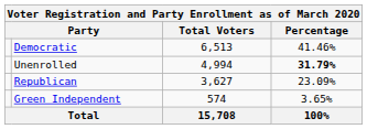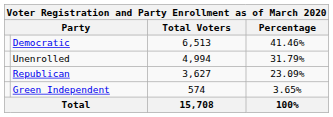 <table class=wikitable>
 <tr>
 <th colspan = 6>Voter Registration and Party Enrollment as of March 2020</th>
 </tr>
 <tr>
 <th colspan = 2>Party</th>
 <th>Total Voters</th>
 <th>Percentage</th>
 </tr>
 <tr>
 <td></td>
 <td><a href='#'>Democratic</a></td>
 <td style="text-align:center;">6,513</td>
 <td style="text-align:center;">41.46%</td>
 </tr>
 <tr>
 <td></td>
 <td>Unenrolled</td>
 <td style="text-align:center;">4,994</td>
-<td style="text-align:center;"><strong>31.79%</strong></td>
+<td style="text-align:center;">31.79%</td>
 </tr>
 <tr>
 <td></td>
 <td><a href='#'>Republican</a></td>
 <td style="text-align:center;">3,627</td>
 <td style="text-align:center;">23.09%</td>
 </tr>
 <tr>
 <td></td>
 <td><a href='#'>Green Independent</a></td>
 <td style="text-align:center;">574</td>
 <td style="text-align:center;">3.65%</td>
 </tr>
 <tr>
 <th colspan = 2>Total</th>
 <th style="text-align:center;">15,708</th>
 <th style="text-align:center;">100%</th>
 </tr>
 </table>
